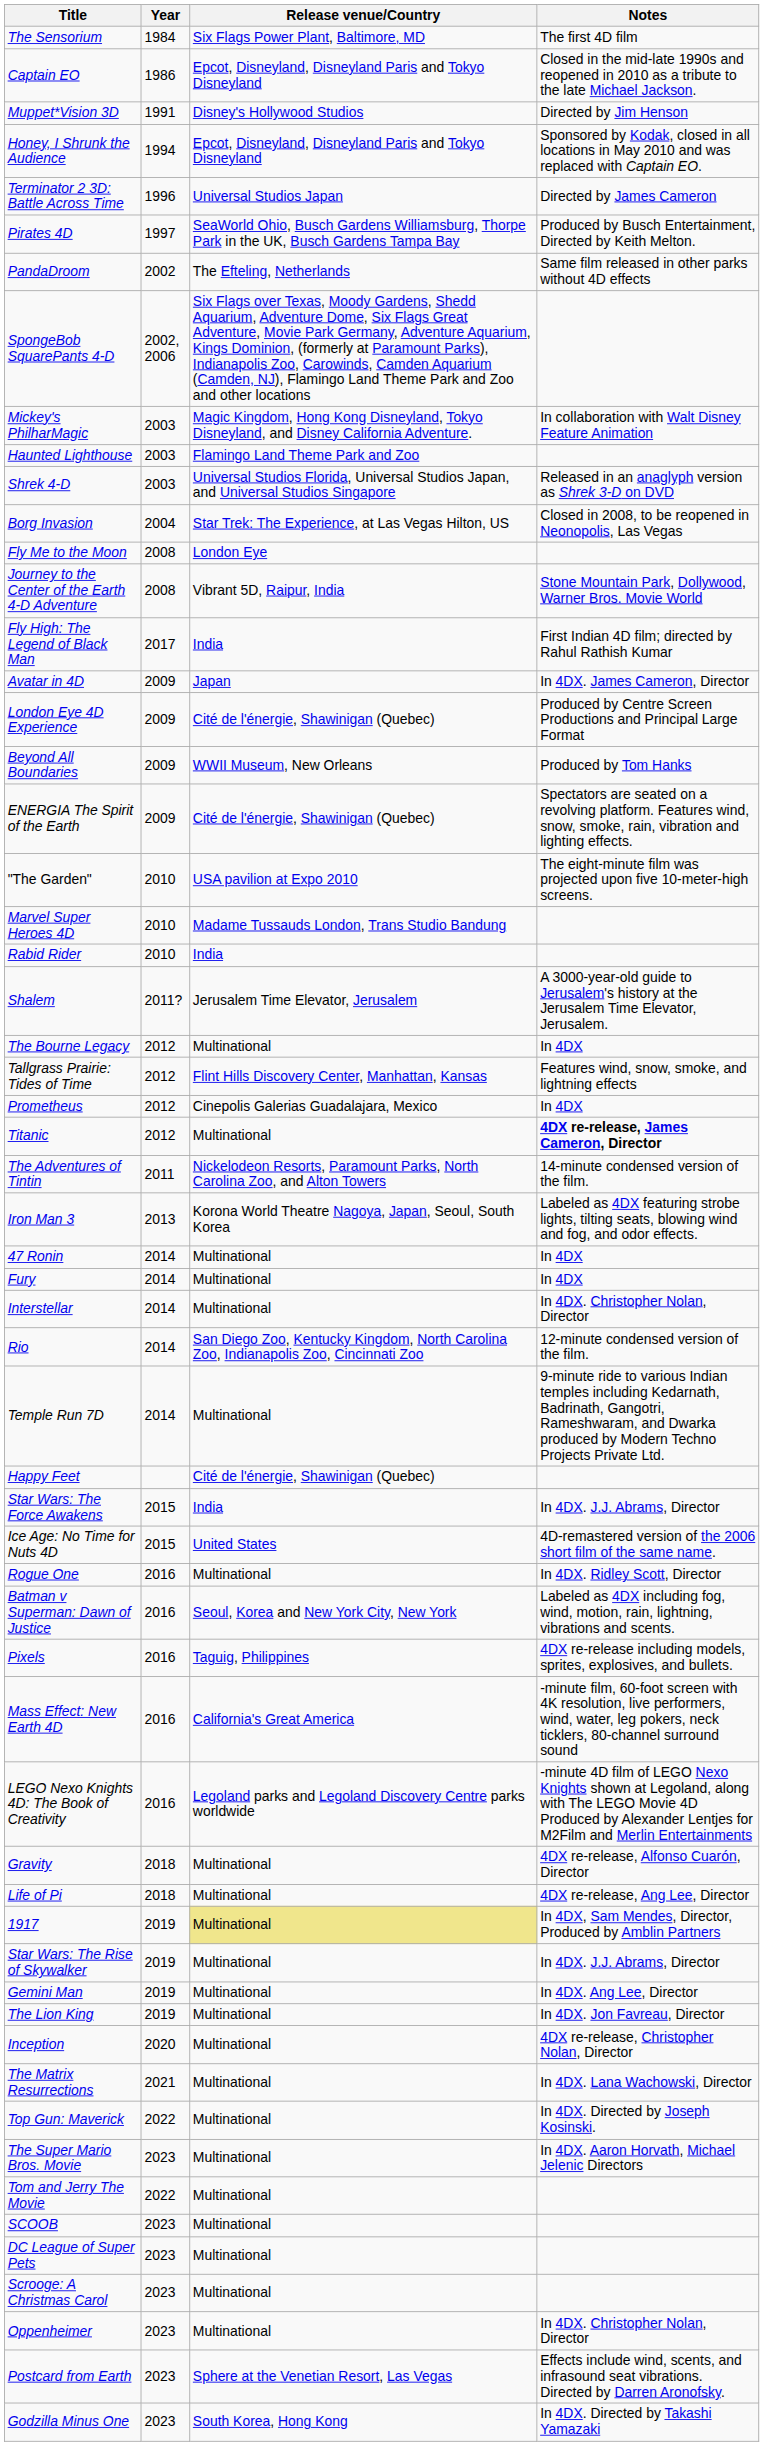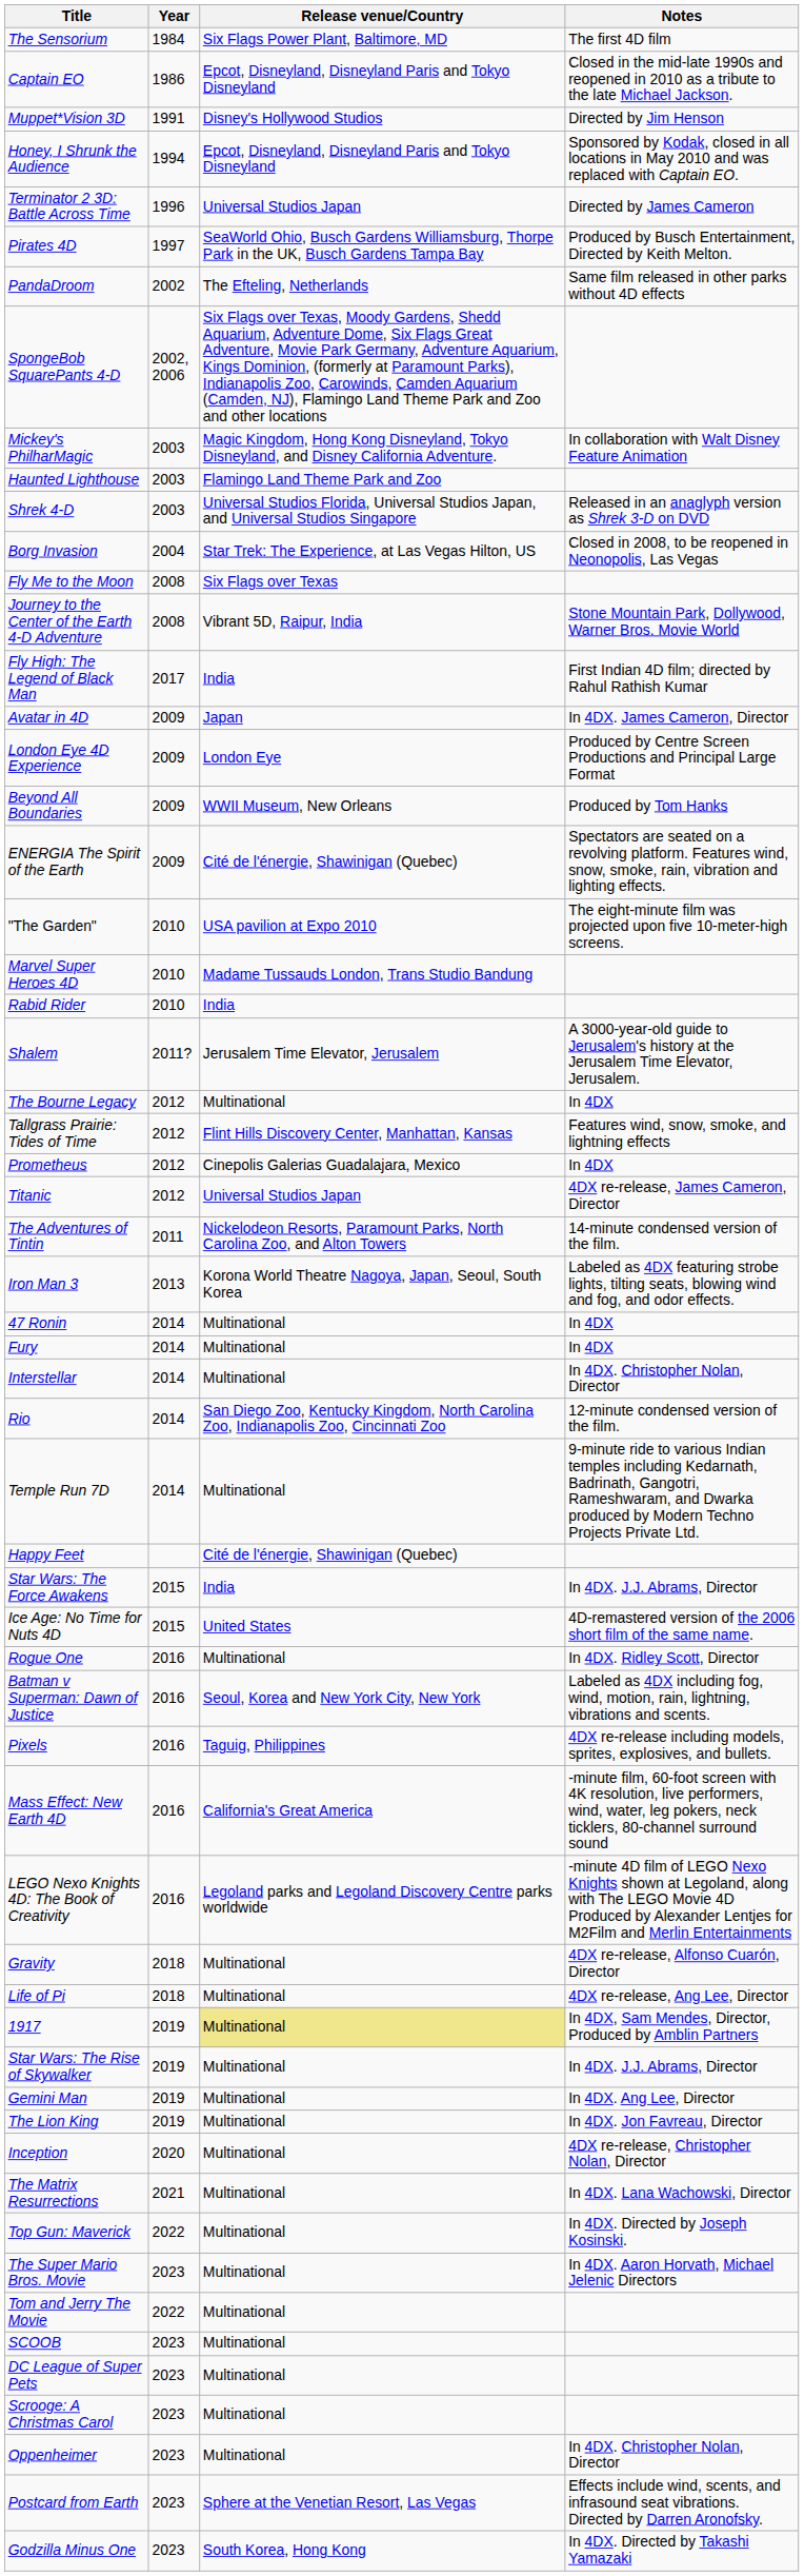 <table class="wikitable sortable">
 <tr>
 <th scope="col" style="width: 150px;">Title</th>
 <th>Year</th>
 <th>Release venue/Country</th>
 <th>Notes</th>
 </tr>
 <tr>
 <td><em><a href='#'>The Sensorium</a></em></td>
 <td>1984</td>
 <td><a href='#'>Six Flags Power Plant</a>, <a href='#'>Baltimore, MD</a></td>
 <td>The first 4D film</td>
 </tr>
 <tr>
 <td><em><a href='#'>Captain EO</a></em></td>
 <td>1986</td>
 <td><a href='#'>Epcot</a>, <a href='#'>Disneyland</a>, <a href='#'>Disneyland Paris</a> and <a href='#'>Tokyo Disneyland</a></td>
 <td>Closed in the mid-late 1990s and reopened in 2010 as a tribute to the late <a href='#'>Michael Jackson</a>.</td>
 </tr>
 <tr>
 <td><em><a href='#'>Muppet*Vision 3D</a></em></td>
 <td>1991</td>
 <td><a href='#'>Disney's Hollywood Studios</a></td>
 <td>Directed by <a href='#'>Jim Henson</a></td>
 </tr>
 <tr>
 <td><em><a href='#'>Honey, I Shrunk the Audience</a></em></td>
 <td>1994</td>
 <td><a href='#'>Epcot</a>, <a href='#'>Disneyland</a>, <a href='#'>Disneyland Paris</a> and <a href='#'>Tokyo Disneyland</a></td>
 <td>Sponsored by <a href='#'>Kodak</a>, closed in all locations in May 2010 and was replaced with <em>Captain EO</em>.</td>
 </tr>
 <tr>
 <td><em><a href='#'>Terminator 2 3D: Battle Across Time</a></em></td>
 <td>1996</td>
 <td><a href='#'>Universal Studios Japan</a></td>
 <td>Directed by <a href='#'>James Cameron</a></td>
 </tr>
 <tr>
 <td><em><a href='#'>Pirates 4D</a></em></td>
 <td>1997</td>
 <td><a href='#'>SeaWorld Ohio</a>, <a href='#'>Busch Gardens Williamsburg</a>, <a href='#'>Thorpe Park</a> in the UK, <a href='#'>Busch Gardens Tampa Bay</a></td>
 <td>Produced by Busch Entertainment, Directed by Keith Melton.</td>
 </tr>
 <tr>
 <td><em><a href='#'>PandaDroom</a></em></td>
 <td>2002</td>
 <td>The <a href='#'>Efteling</a>, <a href='#'>Netherlands</a></td>
 <td>Same film released in other parks without 4D effects</td>
 </tr>
 <tr>
 <td><em><a href='#'>SpongeBob SquarePants 4-D</a></em></td>
 <td>2002, 2006</td>
 <td><a href='#'>Six Flags over Texas</a>, <a href='#'>Moody Gardens</a>, <a href='#'>Shedd Aquarium</a>, <a href='#'>Adventure Dome</a>, <a href='#'>Six Flags Great Adventure</a>, <a href='#'>Movie Park Germany</a>, <a href='#'>Adventure Aquarium</a>, <a href='#'>Kings Dominion</a>, (formerly at <a href='#'>Paramount Parks</a>), <a href='#'>Indianapolis Zoo</a>, <a href='#'>Carowinds</a>, <a href='#'>Camden Aquarium</a> (<a href='#'>Camden, NJ</a>), Flamingo Land Theme Park and Zoo and other locations</td>
 <td></td>
 </tr>
 <tr>
 <td><em><a href='#'>Mickey's PhilharMagic</a></em></td>
 <td>2003</td>
 <td><a href='#'>Magic Kingdom</a>, <a href='#'>Hong Kong Disneyland</a>, <a href='#'>Tokyo Disneyland</a>, and <a href='#'>Disney California Adventure</a>.</td>
 <td>In collaboration with <a href='#'>Walt Disney Feature Animation</a></td>
 </tr>
 <tr>
 <td><em><a href='#'>Haunted Lighthouse</a></em></td>
 <td>2003</td>
 <td><a href='#'>Flamingo Land Theme Park and Zoo</a></td>
 <td></td>
 </tr>
 <tr>
 <td><em><a href='#'>Shrek 4-D</a></em></td>
 <td>2003</td>
 <td><a href='#'>Universal Studios Florida</a>, Universal Studios Japan, and <a href='#'>Universal Studios Singapore</a></td>
 <td>Released in an <a href='#'>anaglyph</a> version as <a href='#'><em>Shrek 3-D</em> on DVD</a></td>
 </tr>
 <tr>
 <td><em><a href='#'>Borg Invasion</a></em></td>
 <td>2004</td>
 <td><a href='#'>Star Trek: The Experience</a>, at Las Vegas Hilton, US</td>
 <td>Closed in 2008, to be reopened in <a href='#'>Neonopolis</a>, Las Vegas</td>
 </tr>
 <tr>
 <td><em><a href='#'>Fly Me to the Moon</a></em></td>
 <td>2008</td>
-<td><a href='#'>London Eye</a></td>
+<td><a href='#'>Six Flags over Texas</a></td>
 <td></td>
 </tr>
 <tr>
 <td><em><a href='#'>Journey to the Center of the Earth 4-D Adventure</a></em></td>
 <td>2008</td>
 <td>Vibrant 5D, <a href='#'>Raipur</a>, <a href='#'>India</a></td>
 <td><a href='#'>Stone Mountain Park</a>, <a href='#'>Dollywood</a>, <a href='#'>Warner Bros. Movie World</a></td>
 </tr>
 <tr>
 <td><em><a href='#'>Fly High: The Legend of Black Man</a></em></td>
 <td>2017</td>
 <td><a href='#'>India</a></td>
 <td>First Indian 4D film; directed by Rahul Rathish Kumar</td>
 </tr>
 <tr>
 <td><em><a href='#'>Avatar in 4D</a></em></td>
 <td>2009</td>
 <td><a href='#'>Japan</a></td>
 <td>In <a href='#'>4DX</a>. <a href='#'>James Cameron</a>, Director</td>
 </tr>
 <tr>
 <td><em><a href='#'>London Eye 4D Experience</a></em></td>
 <td>2009</td>
-<td><a href='#'>Cité de l'énergie</a>, <a href='#'>Shawinigan</a> (Quebec)</td>
+<td><a href='#'>London Eye</a></td>
 <td>Produced by Centre Screen Productions and Principal Large Format</td>
 </tr>
 <tr>
 <td><em><a href='#'>Beyond All Boundaries</a></em></td>
 <td>2009</td>
 <td><a href='#'>WWII Museum</a>, New Orleans</td>
 <td>Produced by <a href='#'>Tom Hanks</a></td>
 </tr>
 <tr>
 <td><em>ENERGIA The Spirit of the Earth</em></td>
 <td>2009</td>
 <td><a href='#'>Cité de l'énergie</a>, <a href='#'>Shawinigan</a> (Quebec)</td>
 <td>Spectators are seated on a revolving platform. Features wind, snow, smoke, rain, vibration and lighting effects.</td>
 </tr>
 <tr>
 <td>"The Garden"</td>
 <td>2010</td>
 <td><a href='#'>USA pavilion at Expo 2010</a></td>
 <td>The eight-minute film was projected upon five 10-meter-high screens.</td>
 </tr>
 <tr>
 <td><em><a href='#'>Marvel Super Heroes 4D</a></em></td>
 <td>2010</td>
 <td><a href='#'>Madame Tussauds London</a>, <a href='#'>Trans Studio Bandung</a></td>
 <td></td>
 </tr>
 <tr>
 <td><em><a href='#'>Rabid Rider</a></em></td>
 <td>2010</td>
 <td><a href='#'>India</a></td>
 <td></td>
 </tr>
 <tr>
 <td><em><a href='#'>Shalem</a></em></td>
 <td>2011?</td>
 <td>Jerusalem Time Elevator, <a href='#'>Jerusalem</a></td>
 <td>A 3000-year-old guide to <a href='#'>Jerusalem</a>'s history at the Jerusalem Time Elevator, Jerusalem.</td>
 </tr>
 <tr>
 <td><em><a href='#'>The Bourne Legacy</a></em></td>
 <td>2012</td>
 <td>Multinational</td>
 <td>In <a href='#'>4DX</a></td>
 </tr>
 <tr>
 <td><em>Tallgrass Prairie: Tides of Time</em></td>
 <td>2012</td>
 <td><a href='#'>Flint Hills Discovery Center</a>, <a href='#'>Manhattan</a>, <a href='#'>Kansas</a></td>
 <td>Features wind, snow, smoke, and lightning effects</td>
 </tr>
 <tr>
 <td><em><a href='#'>Prometheus</a> </em></td>
 <td>2012</td>
 <td>Cinepolis Galerias Guadalajara, Mexico</td>
 <td>In <a href='#'>4DX</a></td>
 </tr>
 <tr>
 <td><em><a href='#'>Titanic</a></em></td>
 <td>2012</td>
-<td>Multinational</td>
-<td><strong><a href='#'>4DX</a> re-release, <a href='#'>James Cameron</a>, Director</strong></td>
+<td><a href='#'>Universal Studios Japan</a></td>
+<td><a href='#'>4DX</a> re-release, <a href='#'>James Cameron</a>, Director</td>
 </tr>
 <tr>
 <td><em><a href='#'>The Adventures of Tintin</a> </em></td>
 <td>2011</td>
 <td><a href='#'>Nickelodeon Resorts</a>, <a href='#'>Paramount Parks</a>, <a href='#'>North Carolina Zoo</a>, and <a href='#'>Alton Towers</a></td>
 <td>14-minute condensed version of the film.</td>
 </tr>
 <tr>
 <td><em><a href='#'>Iron Man 3</a></em></td>
 <td>2013</td>
 <td>Korona World Theatre <a href='#'>Nagoya</a>, <a href='#'>Japan</a>, Seoul, South Korea</td>
 <td>Labeled as <a href='#'>4DX</a> featuring strobe lights, tilting seats, blowing wind and fog, and odor effects.</td>
 </tr>
 <tr>
 <td><em><a href='#'>47 Ronin</a></em></td>
 <td>2014</td>
 <td>Multinational</td>
 <td>In <a href='#'>4DX</a></td>
 </tr>
 <tr>
 <td><em><a href='#'>Fury</a></em></td>
 <td>2014</td>
 <td>Multinational</td>
 <td>In <a href='#'>4DX</a></td>
 </tr>
 <tr>
 <td><em><a href='#'>Interstellar</a></em></td>
 <td>2014</td>
 <td>Multinational</td>
 <td>In <a href='#'>4DX</a>. <a href='#'>Christopher Nolan</a>, Director</td>
 </tr>
 <tr>
 <td><em><a href='#'>Rio</a> </em></td>
 <td>2014</td>
 <td><a href='#'>San Diego Zoo</a>, <a href='#'>Kentucky Kingdom</a>, <a href='#'>North Carolina Zoo</a>, <a href='#'>Indianapolis Zoo</a>, <a href='#'>Cincinnati Zoo</a></td>
 <td>12-minute condensed version of the film.</td>
 </tr>
 <tr>
 <td><em>Temple Run 7D</em></td>
 <td>2014</td>
 <td>Multinational</td>
 <td>9-minute ride to various Indian temples including Kedarnath, Badrinath, Gangotri, Rameshwaram, and Dwarka produced by Modern Techno Projects Private Ltd.</td>
 </tr>
 <tr>
 <td><em><a href='#'>Happy Feet</a></em></td>
 <td></td>
 <td><a href='#'>Cité de l'énergie</a>, <a href='#'>Shawinigan</a> (Quebec)</td>
 <td></td>
 </tr>
 <tr>
 <td><em><a href='#'>Star Wars: The Force Awakens</a></em></td>
 <td>2015</td>
 <td><a href='#'>India</a></td>
 <td>In <a href='#'>4DX</a>. <a href='#'>J.J. Abrams</a>, Director</td>
 </tr>
 <tr>
 <td><em>Ice Age: No Time for Nuts 4D</em></td>
 <td>2015</td>
 <td><a href='#'>United States</a></td>
 <td>4D-remastered version of <a href='#'>the 2006 short film of the same name</a>.</td>
 </tr>
 <tr>
 <td><em><a href='#'>Rogue One</a></em></td>
 <td>2016</td>
 <td>Multinational</td>
 <td>In <a href='#'>4DX</a>. <a href='#'>Ridley Scott</a>, Director</td>
 </tr>
 <tr>
 <td><em><a href='#'>Batman v Superman: Dawn of Justice</a></em></td>
 <td>2016</td>
 <td><a href='#'>Seoul</a>, <a href='#'>Korea</a> and <a href='#'>New York City</a>, <a href='#'>New York</a></td>
 <td>Labeled as <a href='#'>4DX</a> including fog, wind, motion, rain, lightning, vibrations and scents.</td>
 </tr>
 <tr>
 <td><em><a href='#'>Pixels</a></em></td>
 <td>2016</td>
 <td><a href='#'>Taguig</a>, <a href='#'>Philippines</a></td>
 <td><a href='#'>4DX</a> re-release including models, sprites, explosives, and bullets.</td>
 </tr>
 <tr>
 <td><em><a href='#'>Mass Effect: New Earth 4D</a></em></td>
 <td>2016</td>
 <td><a href='#'>California's Great America</a></td>
 <td>-minute film, 60-foot screen with 4K resolution, live performers, wind, water, leg pokers, neck ticklers, 80-channel surround sound</td>
 </tr>
 <tr>
 <td><em>LEGO Nexo Knights 4D: The Book of Creativity</em></td>
 <td>2016</td>
 <td><a href='#'>Legoland</a> parks and <a href='#'>Legoland Discovery Centre</a> parks worldwide</td>
 <td>-minute 4D film of LEGO <a href='#'>Nexo Knights</a> shown at Legoland, along with The LEGO Movie 4D Produced by Alexander Lentjes for M2Film and <a href='#'>Merlin Entertainments</a></td>
 </tr>
 <tr>
 <td><em><a href='#'>Gravity</a></em></td>
 <td>2018</td>
 <td>Multinational</td>
 <td><a href='#'>4DX</a> re-release, <a href='#'>Alfonso Cuarón</a>, Director</td>
 </tr>
 <tr>
 <td><em><a href='#'>Life of Pi</a></em></td>
 <td>2018</td>
 <td>Multinational</td>
 <td><a href='#'>4DX</a> re-release, <a href='#'>Ang Lee</a>, Director</td>
 </tr>
 <tr>
 <td><em><a href='#'>1917</a></em></td>
 <td>2019</td>
 <td style="background: khaki;">Multinational</td>
 <td>In <a href='#'>4DX</a>, <a href='#'>Sam Mendes</a>, Director, Produced by <a href='#'>Amblin Partners</a></td>
 </tr>
 <tr>
 <td><em><a href='#'>Star Wars: The Rise of Skywalker</a></em></td>
 <td>2019</td>
 <td>Multinational</td>
 <td>In <a href='#'>4DX</a>. <a href='#'>J.J. Abrams</a>, Director</td>
 </tr>
 <tr>
 <td><em><a href='#'>Gemini Man</a></em></td>
 <td>2019</td>
 <td>Multinational</td>
 <td>In <a href='#'>4DX</a>. <a href='#'>Ang Lee</a>, Director</td>
 </tr>
 <tr>
 <td><em><a href='#'>The Lion King</a></em></td>
 <td>2019</td>
 <td>Multinational</td>
 <td>In <a href='#'>4DX</a>. <a href='#'>Jon Favreau</a>, Director</td>
 </tr>
 <tr>
 <td><em><a href='#'>Inception</a></em></td>
 <td>2020</td>
 <td>Multinational</td>
 <td><a href='#'>4DX</a> re-release, <a href='#'>Christopher Nolan</a>, Director</td>
 </tr>
 <tr>
 <td><em><a href='#'>The Matrix Resurrections</a></em></td>
 <td>2021</td>
 <td>Multinational</td>
 <td>In <a href='#'>4DX</a>. <a href='#'>Lana Wachowski</a>, Director</td>
 </tr>
 <tr>
 <td><em><a href='#'>Top Gun: Maverick</a></em></td>
 <td>2022</td>
 <td>Multinational</td>
 <td>In <a href='#'>4DX</a>. Directed by <a href='#'>Joseph Kosinski</a>.</td>
 </tr>
 <tr>
 <td><em><a href='#'>The Super Mario Bros. Movie</a></em></td>
 <td>2023</td>
 <td>Multinational</td>
 <td>In <a href='#'>4DX</a>. <a href='#'>Aaron Horvath</a>, <a href='#'>Michael Jelenic</a> Directors</td>
 </tr>
 <tr>
 <td><em><a href='#'>Tom and Jerry The Movie</a></em></td>
 <td>2022</td>
 <td>Multinational</td>
 <td></td>
 </tr>
 <tr>
 <td><em><a href='#'>SCOOB</a></em></td>
 <td>2023</td>
 <td>Multinational</td>
 <td></td>
 </tr>
 <tr>
 <td><em><a href='#'>DC League of Super Pets</a></em></td>
 <td>2023</td>
 <td>Multinational</td>
 <td></td>
 </tr>
 <tr>
 <td><em><a href='#'>Scrooge: A Christmas Carol</a></em></td>
 <td>2023</td>
 <td>Multinational</td>
 <td></td>
 </tr>
 <tr>
 <td><em><a href='#'>Oppenheimer</a></em></td>
 <td>2023</td>
 <td>Multinational</td>
 <td>In <a href='#'>4DX</a>. <a href='#'>Christopher Nolan</a>, Director</td>
 </tr>
 <tr>
 <td><em><a href='#'>Postcard from Earth</a></em></td>
 <td>2023</td>
 <td><a href='#'>Sphere at the Venetian Resort</a>, <a href='#'>Las Vegas</a></td>
 <td>Effects include wind, scents, and infrasound seat vibrations. Directed by <a href='#'>Darren Aronofsky</a>.</td>
 </tr>
 <tr>
 <td><em><a href='#'>Godzilla Minus One</a></em></td>
 <td>2023</td>
 <td><a href='#'>South Korea</a>, <a href='#'>Hong Kong</a></td>
 <td>In <a href='#'>4DX</a>. Directed by <a href='#'>Takashi Yamazaki</a></td>
 </tr>
 </table>
